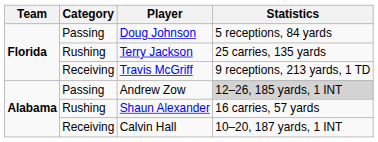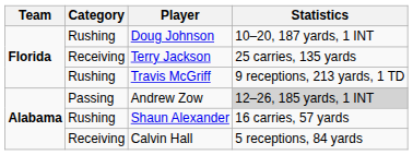 <table class="wikitable" style="float: right;">
 <tr>
 <th>Team</th>
 <th>Category</th>
 <th>Player</th>
 <th>Statistics</th>
 </tr>
 <tr>
 <td rowspan=3><strong>Florida</strong></td>
-<td>Passing</td>
+<td>Rushing</td>
 <td><a href='#'>Doug Johnson</a></td>
-<td>5 receptions, 84 yards</td>
+<td>10–20, 187 yards, 1 INT</td>
 </tr>
 <tr>
-<td>Rushing</td>
+<td>Receiving</td>
 <td><a href='#'>Terry Jackson</a></td>
 <td>25 carries, 135 yards</td>
 </tr>
 <tr>
-<td>Receiving</td>
+<td>Rushing</td>
 <td><a href='#'>Travis McGriff</a></td>
 <td>9 receptions, 213 yards, 1 TD</td>
 </tr>
 <tr>
 <td rowspan=3><strong>Alabama</strong></td>
 <td>Passing</td>
 <td>Andrew Zow</td>
 <td style="background: lightgrey;">12–26, 185 yards, 1 INT</td>
 </tr>
 <tr>
 <td>Rushing</td>
 <td><a href='#'>Shaun Alexander</a></td>
 <td>16 carries, 57 yards</td>
 </tr>
 <tr>
 <td>Receiving</td>
 <td>Calvin Hall</td>
-<td>10–20, 187 yards, 1 INT</td>
+<td>5 receptions, 84 yards</td>
 </tr>
 </table>
